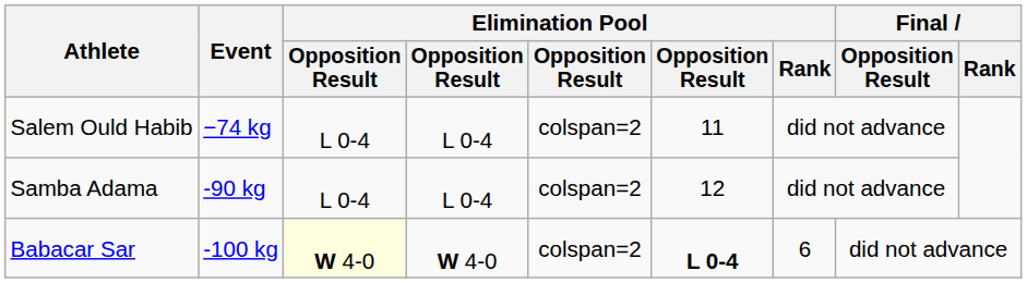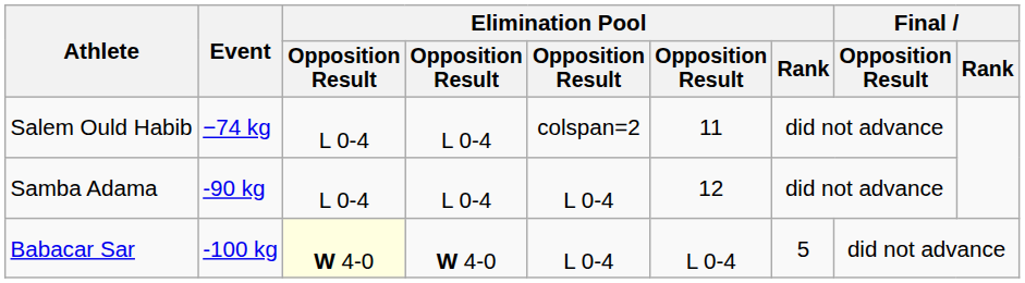 <table class="wikitable" style="font-size:90%">
 <tr>
 <th rowspan="2">Athlete</th>
 <th rowspan="2">Event</th>
 <th colspan=5>Elimination Pool</th>
 <th colspan=2>Final / </th>
 </tr>
 <tr style="font-size: 95%">
 <th>Opposition<br>Result</th>
 <th>Opposition<br>Result</th>
 <th>Opposition<br>Result</th>
 <th>Opposition<br>Result</th>
 <th>Rank</th>
 <th>Opposition<br>Result</th>
 <th>Rank</th>
 </tr>
 <tr align=center>
 <td align=left>Salem Ould Habib</td>
 <td align=left><a href='#'>−74 kg</a></td>
 <td><br> L 0-4</td>
 <td><br> L 0-4</td>
 <td>colspan=2 </td>
 <td>11</td>
 <td colspan=2>did not advance</td>
 </tr>
 <tr align=center>
 <td align=left>Samba Adama</td>
 <td align=left><a href='#'>-90 kg</a></td>
 <td><br> L 0-4</td>
 <td><br> L 0-4</td>
-<td>colspan=2 </td>
+<td><br> L 0-4</td>
 <td>12</td>
 <td colspan=2>did not advance</td>
 </tr>
 <tr align=center>
 <td align=left><a href='#'>Babacar Sar</a></td>
 <td align=left><a href='#'>-100 kg</a></td>
 <td style="background: lightyellow;"><br> <strong>W</strong> 4-0</td>
 <td><br> <strong>W</strong> 4-0</td>
-<td>colspan=2 </td>
-<td><strong><br> L 0-4</strong></td>
-<td>6</td>
+<td><br> L 0-4</td>
+<td><br> L 0-4</td>
+<td>5</td>
 <td colspan=2>did not advance</td>
 </tr>
 </table>
